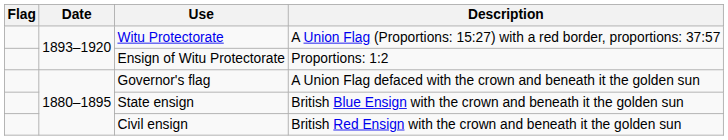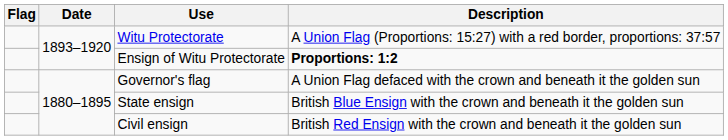 <table class="wikitable">
 <tr>
 <th>Flag</th>
 <th>Date</th>
 <th>Use</th>
 <th>Description</th>
 </tr>
 <tr>
 <td></td>
 <td rowspan="2">1893–1920</td>
 <td><a href='#'>Witu Protectorate</a></td>
 <td>A <a href='#'>Union Flag</a> (Proportions: 15:27) with a red border,  proportions: 37:57</td>
 </tr>
 <tr>
 <td></td>
 <td>Ensign of Witu Protectorate</td>
-<td>Proportions: 1:2</td>
+<td><strong>Proportions: 1:2</strong></td>
 </tr>
 <tr>
 <td></td>
 <td rowspan="3">1880–1895</td>
 <td>Governor's flag</td>
 <td>A Union Flag defaced with the crown and beneath it the golden sun</td>
 </tr>
 <tr>
 <td></td>
 <td>State ensign</td>
 <td>British <a href='#'>Blue Ensign</a> with  the crown and beneath it the golden sun</td>
 </tr>
 <tr>
 <td></td>
 <td>Civil ensign</td>
 <td>British <a href='#'>Red Ensign</a> with  the crown and beneath it the golden sun</td>
 </tr>
 </table>
